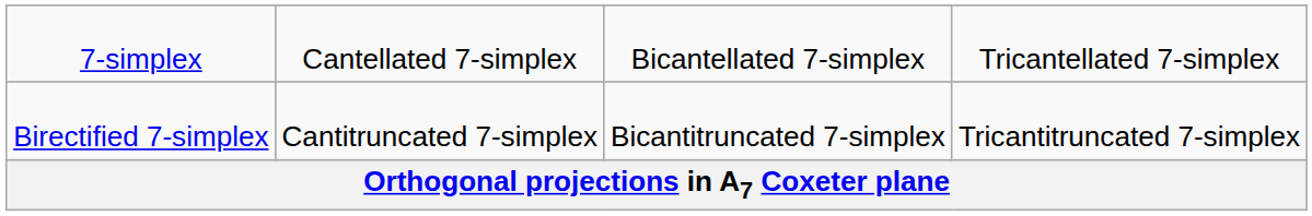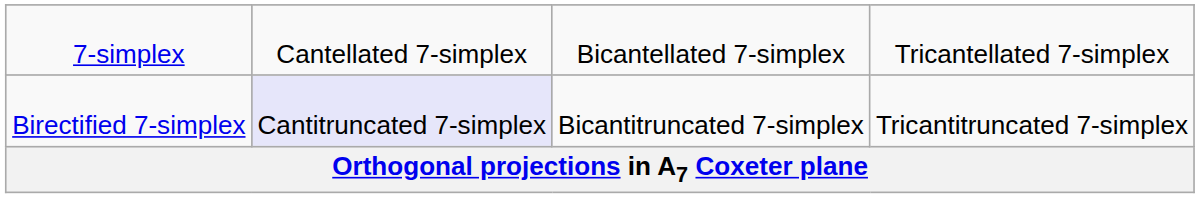 <table class=wikitable style="float:right; margin-left:8px">
 <tr align=center>
 <td><br><a href='#'>7-simplex</a><br></td>
 <td><br>Cantellated 7-simplex<br></td>
 <td><br>Bicantellated 7-simplex<br></td>
 <td><br>Tricantellated 7-simplex<br></td>
 </tr>
 <tr align=center>
 <td><br><a href='#'>Birectified 7-simplex</a><br></td>
-<td><br>Cantitruncated 7-simplex<br></td>
+<td style="background: lavender;"><br>Cantitruncated 7-simplex<br></td>
 <td><br>Bicantitruncated 7-simplex<br></td>
 <td><br>Tricantitruncated 7-simplex<br></td>
 </tr>
 <tr>
 <th colspan=4><a href='#'>Orthogonal projections</a> in A<sub>7</sub> <a href='#'>Coxeter plane</a></th>
 </tr>
 </table>
